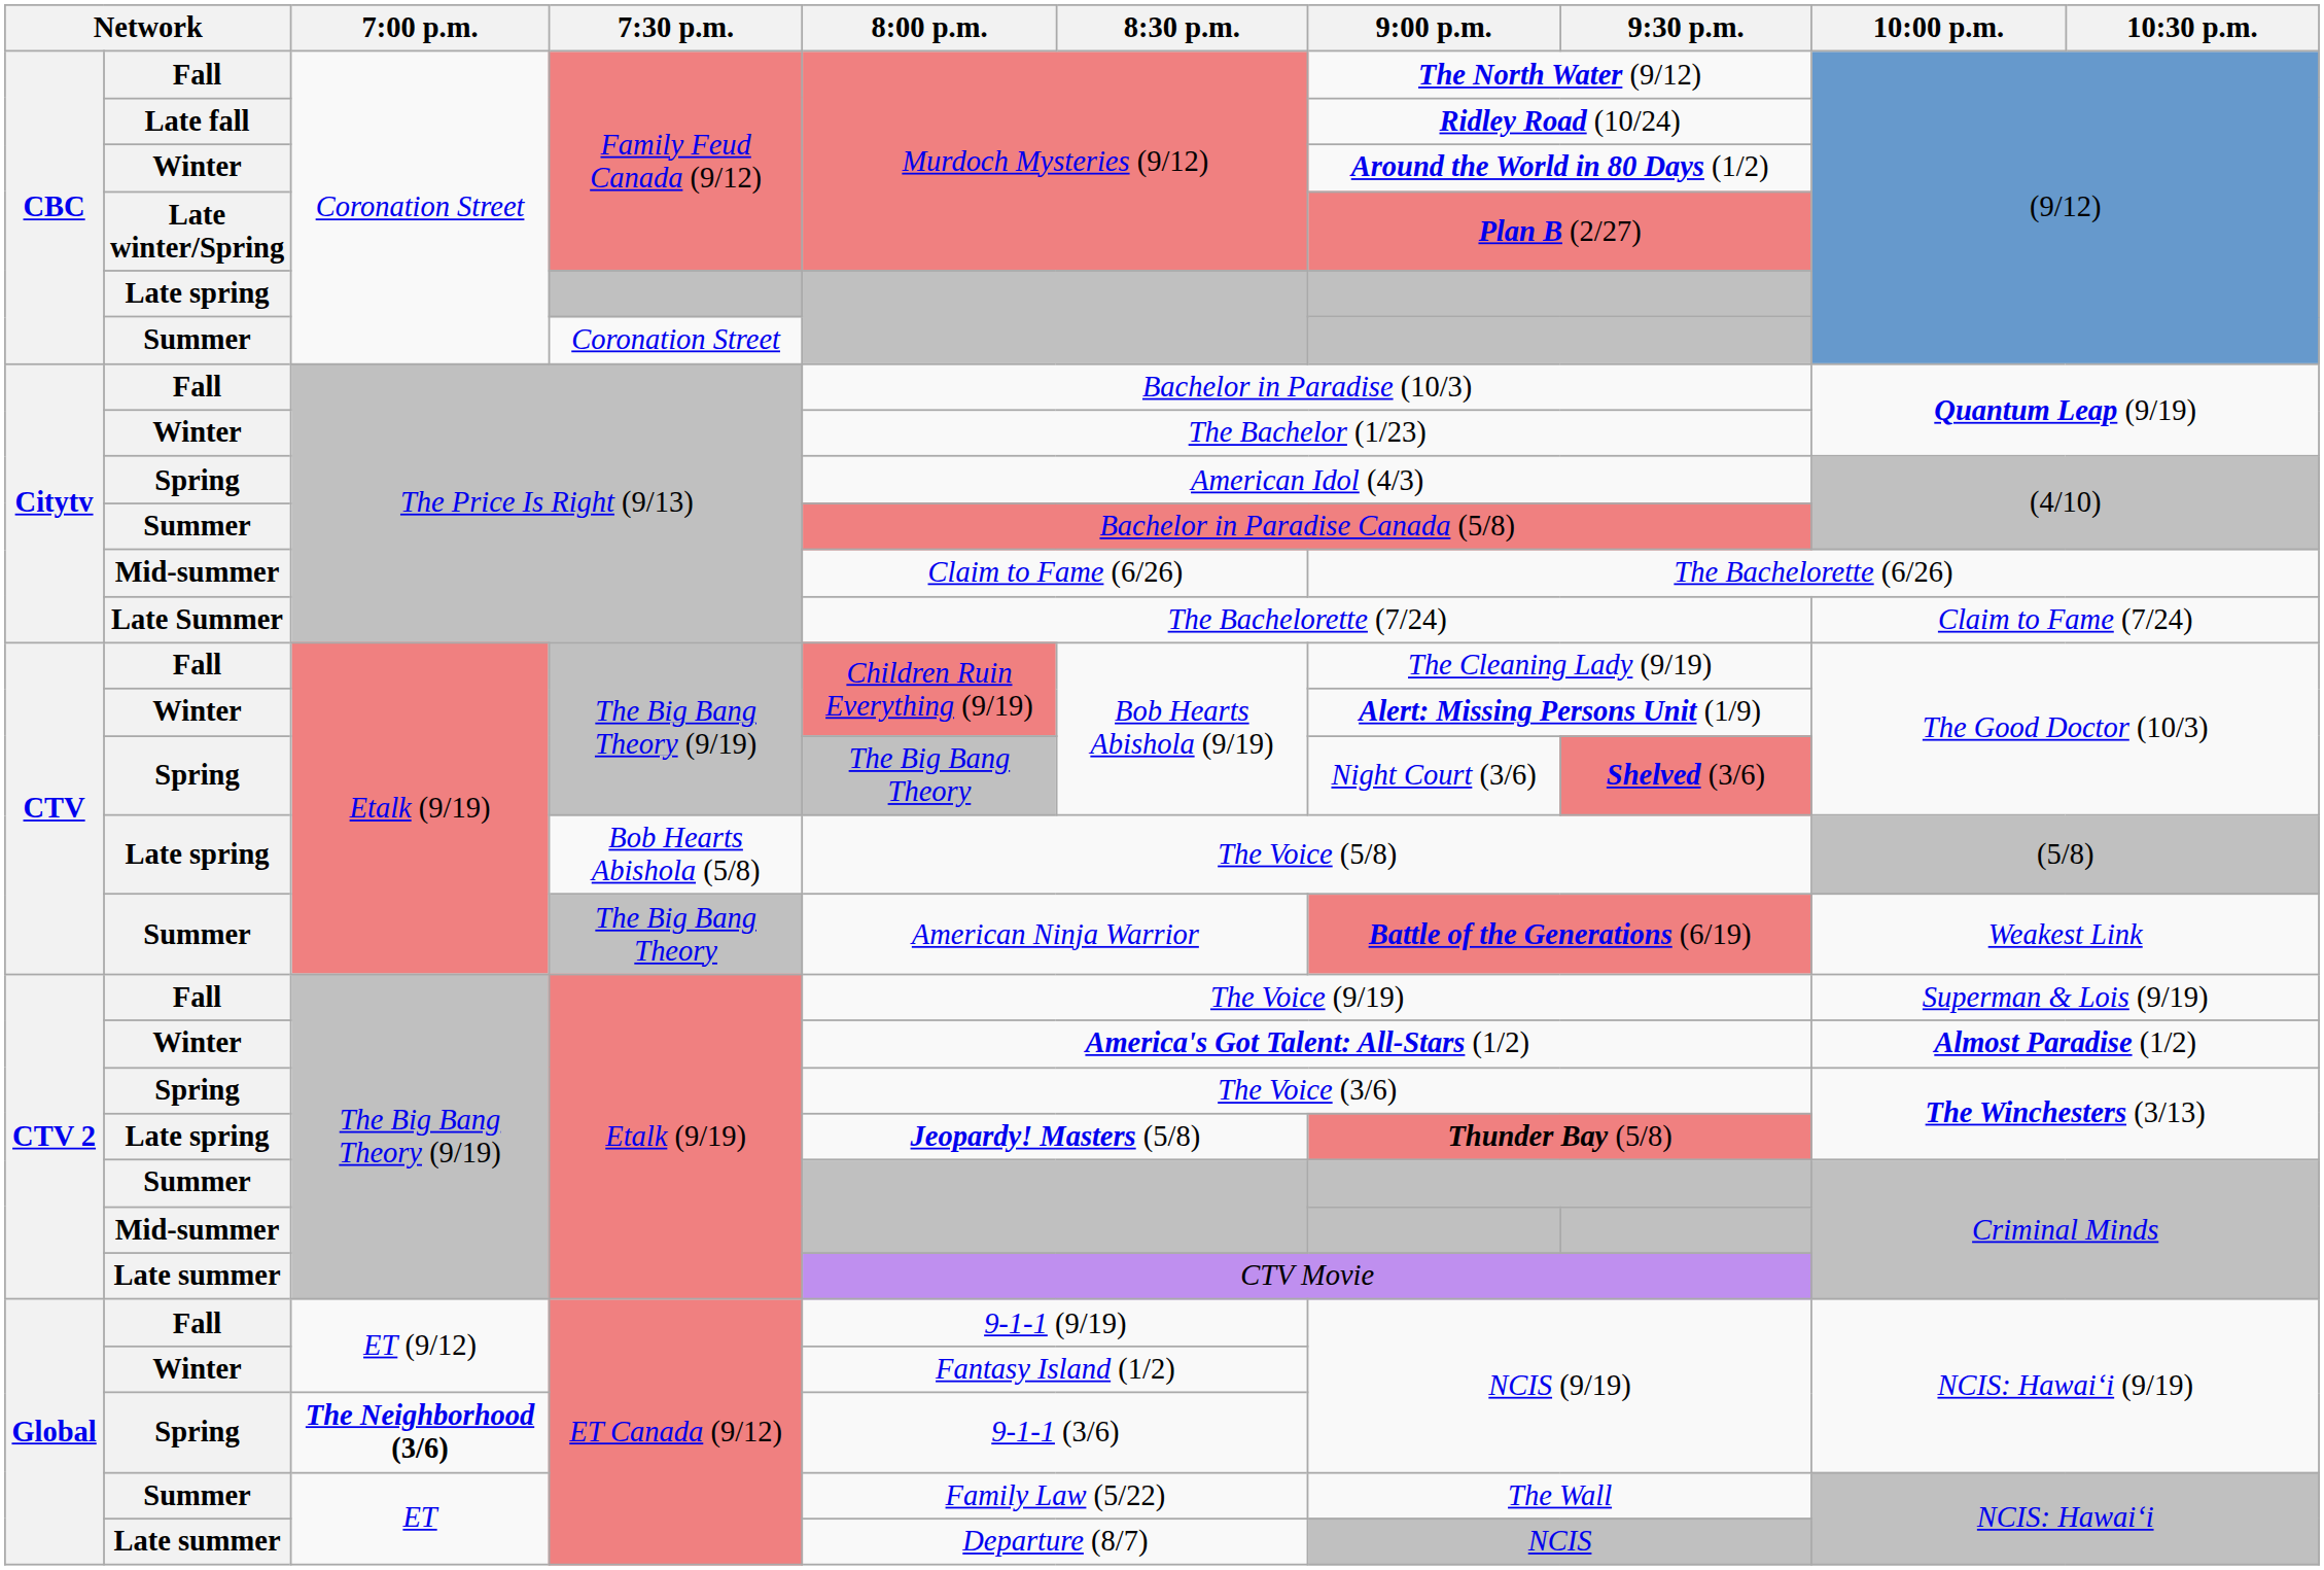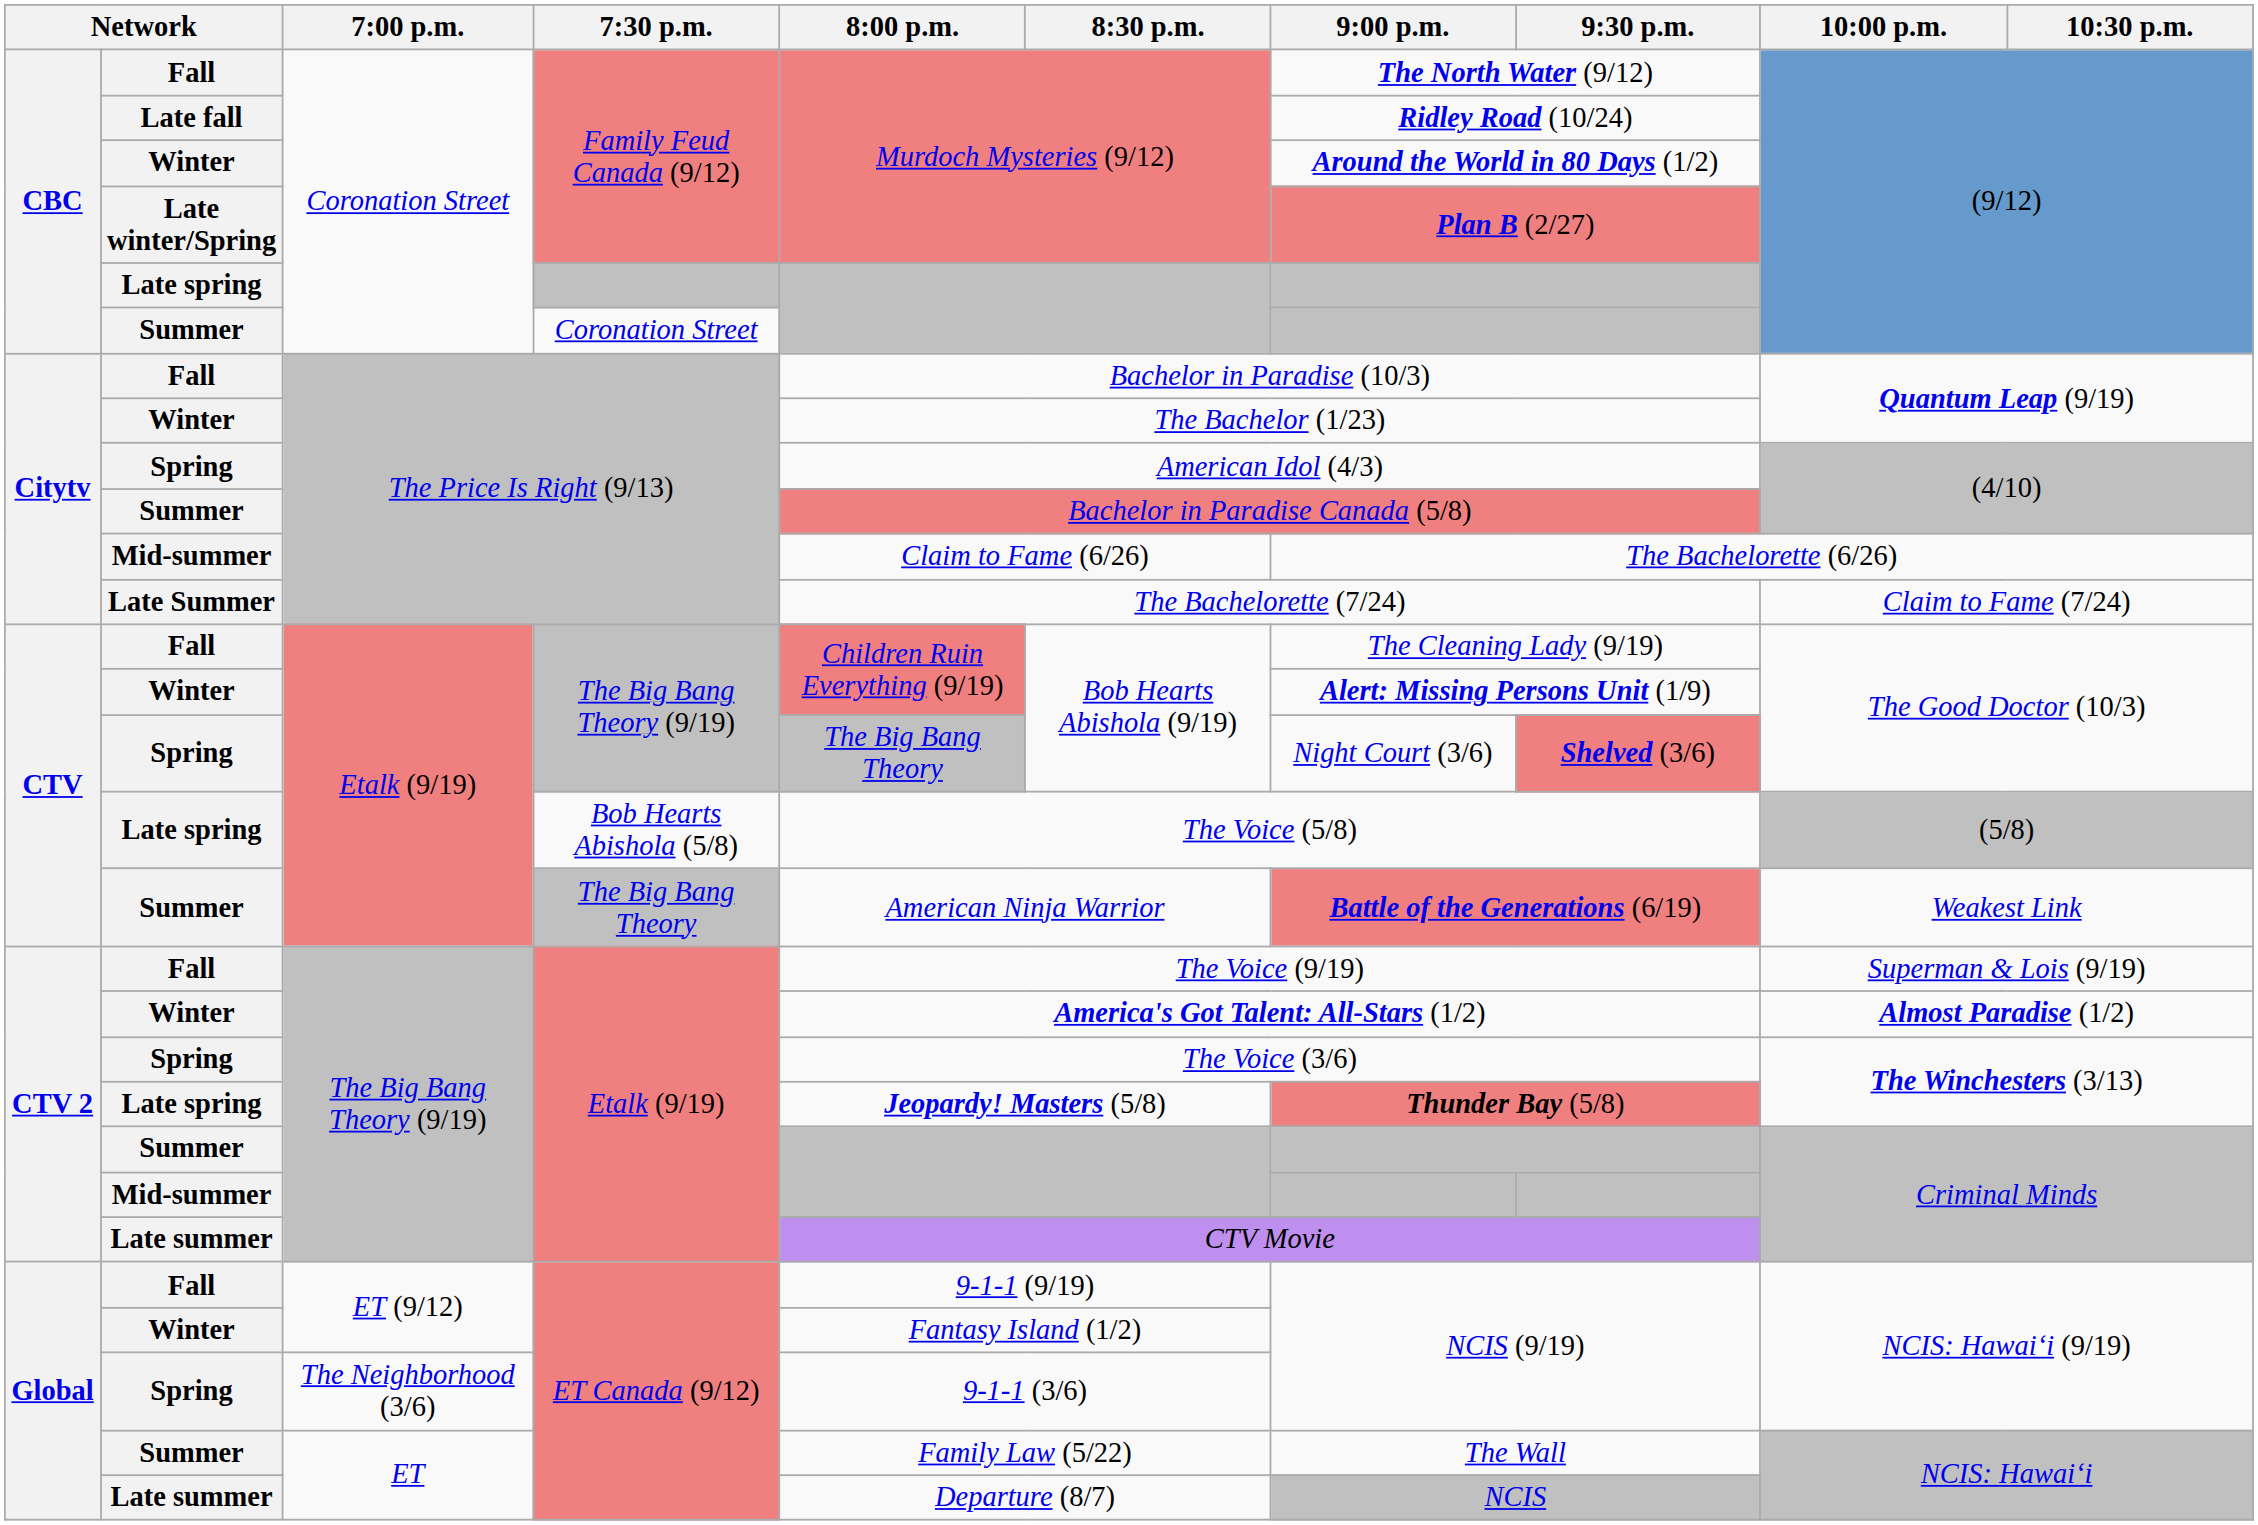 <table class=wikitable style=width:100%;margin-right:0;text-align:center>
 <tr>
 <th style=width:8% colspan=2>Network</th>
 <th style=width:11.5%>7:00 p.m.</th>
 <th style=width:11.5%>7:30 p.m.</th>
 <th style=width:11.5%>8:00 p.m.</th>
 <th style=width:11.5%>8:30 p.m.</th>
 <th style=width:11.5%>9:00 p.m.</th>
 <th style=width:11.5%>9:30 p.m.</th>
 <th style=width:11.5%>10:00 p.m.</th>
 <th style=width:11.5%>10:30 p.m.</th>
 </tr>
 <tr>
 <th rowspan=6><a href='#'>CBC</a></th>
 <th>Fall</th>
 <td rowspan=6><em><a href='#'>Coronation Street</a></em></td>
 <td rowspan=4 style=background:#F08080><em><a href='#'>Family Feud Canada</a></em> (9/12)</td>
 <td rowspan=4 colspan=2 style=background:#F08080><em><a href='#'>Murdoch Mysteries</a></em> (9/12)</td>
 <td colspan=2><strong><em><a href='#'>The North Water</a></em></strong> (9/12)</td>
 <td rowspan=6 colspan=2 style=background:#6699CC> (9/12)</td>
 </tr>
 <tr>
 <th>Late fall</th>
 <td colspan=2><strong><em><a href='#'>Ridley Road</a></em></strong> (10/24)</td>
 </tr>
 <tr>
 <th>Winter</th>
 <td colspan=2><strong><em><a href='#'>Around the World in 80 Days</a></em></strong> (1/2)</td>
 </tr>
 <tr>
 <th>Late winter/Spring</th>
 <td colspan=2  style=background:#F08080><strong><em><a href='#'>Plan B</a></em></strong> (2/27)</td>
 </tr>
 <tr>
 <th>Late spring</th>
 <td style=background:#C0C0C0> </td>
 <td colspan=2 rowspan=2 style=background:#C0C0C0> </td>
 <td colspan=2 style=background:#C0C0C0> </td>
 </tr>
 <tr>
 <th>Summer</th>
 <td><em><a href='#'>Coronation Street</a></em></td>
 <td colspan=2 style=background:#C0C0C0> </td>
 </tr>
 <tr>
 <th rowspan=6><a href='#'>Citytv</a></th>
 <th>Fall</th>
 <td colspan=2 style=background:#C0C0C0 rowspan=6><em><a href='#'>The Price Is Right</a></em>  (9/13)</td>
 <td colspan=4><em><a href='#'>Bachelor in Paradise</a></em> (10/3)</td>
 <td colspan=2 rowspan=2><strong><em><a href='#'>Quantum Leap</a></em></strong> (9/19)</td>
 </tr>
 <tr>
 <th>Winter</th>
 <td colspan=4><em><a href='#'>The Bachelor</a></em> (1/23)</td>
 </tr>
 <tr>
 <th>Spring</th>
 <td colspan=4><em><a href='#'>American Idol</a></em> (4/3)</td>
 <td colspan=2 rowspan=2 style=background:#C0C0C0>  (4/10)</td>
 </tr>
 <tr>
 <th>Summer</th>
 <td colspan=4 style=background:#F08080><em><a href='#'>Bachelor in Paradise Canada</a></em> (5/8)</td>
 </tr>
 <tr>
 <th>Mid-summer</th>
 <td colspan=2><em><a href='#'>Claim to Fame</a></em> (6/26)</td>
 <td colspan=4><em><a href='#'>The Bachelorette</a></em> (6/26)</td>
 </tr>
 <tr>
 <th>Late Summer</th>
 <td colspan=4><em><a href='#'>The Bachelorette</a></em> (7/24)</td>
 <td colspan=2><em><a href='#'>Claim to Fame</a></em> (7/24)</td>
 </tr>
 <tr>
 <th rowspan=5><a href='#'>CTV</a></th>
 <th>Fall</th>
 <td style=background:#F08080 rowspan=5><em><a href='#'>Etalk</a></em>  (9/19)</td>
 <td style=background:#C0C0C0 rowspan=3><em><a href='#'>The Big Bang Theory</a></em>  (9/19)</td>
 <td style=background:#F08080 rowspan=2><em><a href='#'>Children Ruin Everything</a></em> (9/19)</td>
 <td rowspan=3><em><a href='#'>Bob Hearts Abishola</a></em> (9/19)</td>
 <td colspan=2><em><a href='#'>The Cleaning Lady</a></em> (9/19)</td>
 <td colspan=2 rowspan=3><em><a href='#'>The Good Doctor</a></em> (10/3)</td>
 </tr>
 <tr>
 <th>Winter</th>
 <td colspan=2><strong><em><a href='#'>Alert: Missing Persons Unit</a></em></strong> (1/9)</td>
 </tr>
 <tr>
 <th>Spring</th>
 <td style=background:#C0C0C0><em><a href='#'>The Big Bang Theory</a></em> </td>
 <td><em><a href='#'>Night Court</a></em> (3/6)</td>
 <td style=background:#F08080><strong><em><a href='#'>Shelved</a></em></strong> (3/6)</td>
 </tr>
 <tr>
 <th>Late spring</th>
 <td><em><a href='#'>Bob Hearts Abishola</a></em> (5/8)</td>
 <td colspan=4><em><a href='#'>The Voice</a></em> (5/8)</td>
 <td style=background:#C0C0C0 colspan=2>  (5/8)</td>
 </tr>
 <tr>
 <th>Summer</th>
 <td style=background:#C0C0C0><em><a href='#'>The Big Bang Theory</a></em> </td>
 <td colspan=2><em><a href='#'>American Ninja Warrior</a></em></td>
 <td colspan=2 style=background:#F08080><strong><em><a href='#'>Battle of the Generations</a></em></strong> (6/19)</td>
 <td colspan=2><em><a href='#'>Weakest Link</a></em></td>
 </tr>
 <tr>
 <th rowspan=7><a href='#'>CTV 2</a></th>
 <th>Fall</th>
 <td style=background:#C0C0C0 rowspan=7><em><a href='#'>The Big Bang Theory</a></em>  (9/19)</td>
 <td style=background:#F08080 rowspan=7><em><a href='#'>Etalk</a></em> (9/19)</td>
 <td colspan=4><em><a href='#'>The Voice</a></em> (9/19)</td>
 <td colspan=2><em><a href='#'>Superman & Lois</a></em> (9/19)</td>
 </tr>
 <tr>
 <th>Winter</th>
 <td colspan=4><strong><em><a href='#'>America's Got Talent: All-Stars</a></em></strong> (1/2)</td>
 <td colspan=2><strong><em><a href='#'>Almost Paradise</a></em></strong> (1/2)</td>
 </tr>
 <tr>
 <th>Spring</th>
 <td colspan=4><em><a href='#'>The Voice</a></em> (3/6)</td>
 <td colspan=2 rowspan=2><strong><em><a href='#'>The Winchesters</a></em></strong> (3/13)</td>
 </tr>
 <tr>
 <th>Late spring</th>
 <td colspan=2><strong><em><a href='#'>Jeopardy! Masters</a></em></strong> (5/8)</td>
 <td style=background:#f08080 colspan=2><strong><em>Thunder Bay</em></strong> (5/8)</td>
 </tr>
 <tr>
 <th>Summer</th>
 <td colspan=2 style=background:#C0C0C0 rowspan=2> </td>
 <td colspan=2 style=background:#C0C0C0> </td>
 <td colspan=2 style=background:#C0C0C0 rowspan=3><em><a href='#'>Criminal Minds</a></em> </td>
 </tr>
 <tr>
 <th>Mid-summer</th>
 <td style=background:#C0C0C0> </td>
 <td style=background:#C0C0C0> </td>
 </tr>
 <tr>
 <th>Late summer</th>
 <td style=background:#BF8FEF colspan=4><em>CTV Movie</em></td>
 </tr>
 <tr>
 <th rowspan=5><a href='#'>Global</a></th>
 <th>Fall</th>
 <td rowspan=2><em><a href='#'>ET</a></em> (9/12)</td>
 <td style=background:#f08080 rowspan=5><em><a href='#'>ET Canada</a></em> (9/12)</td>
 <td colspan=2><em><a href='#'>9-1-1</a></em> (9/19)</td>
 <td colspan=2 rowspan=3><a href='#'><em>NCIS</em></a> (9/19)</td>
 <td colspan=2 rowspan=3><em><a href='#'>NCIS: Hawaiʻi</a></em> (9/19)</td>
 </tr>
 <tr>
 <th>Winter</th>
 <td colspan=2><em><a href='#'>Fantasy Island</a></em> (1/2)</td>
 </tr>
 <tr>
 <th>Spring</th>
-<td><strong><em><a href='#'>The Neighborhood</a></em> (3/6)</strong></td>
+<td><em><a href='#'>The Neighborhood</a></em> (3/6)</td>
 <td colspan=2><em><a href='#'>9-1-1</a></em> (3/6)</td>
 </tr>
 <tr>
 <th>Summer</th>
 <td rowspan=2><em><a href='#'>ET</a></em></td>
 <td colspan=2><em><a href='#'>Family Law</a></em> (5/22)</td>
 <td colspan=2><em><a href='#'>The Wall</a></em></td>
 <td colspan=2 rowspan=2 style=background:#C0C0C0><em><a href='#'>NCIS: Hawaiʻi</a></em>  </td>
 </tr>
 <tr>
 <th>Late summer</th>
 <td colspan=2><em><a href='#'>Departure</a></em> (8/7)</td>
 <td colspan=2 style=background:#C0C0C0><em><a href='#'>NCIS</a></em>  </td>
 </tr>
 </table>
